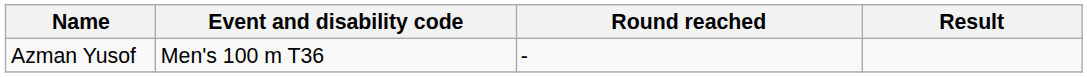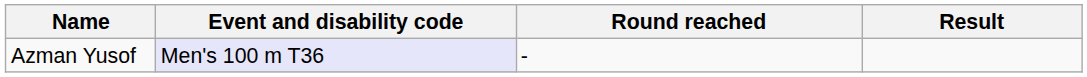 <table class="wikitable sortable"  style="font-size:95%; margin-left: auto; margin-right: auto; border: none;">
 <tr>
 <th scope="col" style="width: 100px;">Name</th>
 <th scope="col" style="width: 250px;">Event and disability code</th>
 <th scope="col" style="width: 240px;">Round reached</th>
 <th scope="col" style="width: 150px;">Result</th>
 </tr>
 <tr>
 <td>Azman Yusof</td>
-<td>Men's 100 m T36</td>
+<td style="background: lavender;">Men's 100 m T36</td>
 <td>-</td>
 <td></td>
 </tr>
 <tr>
 </tr>
 </table>
